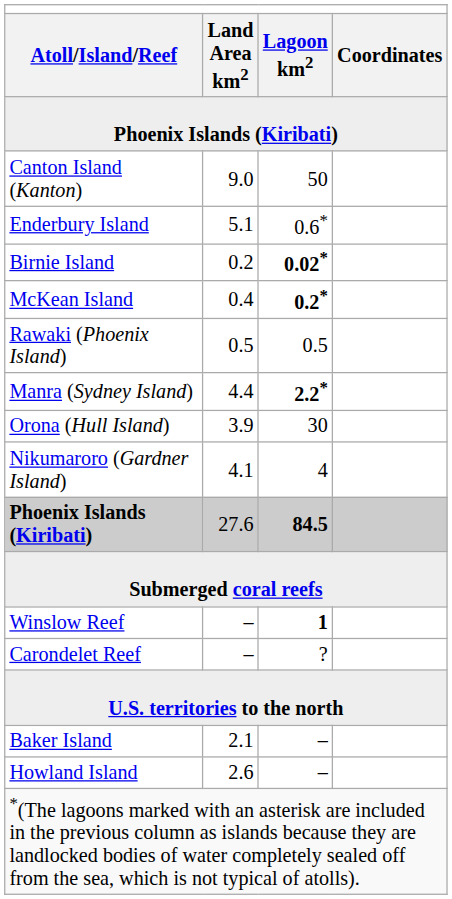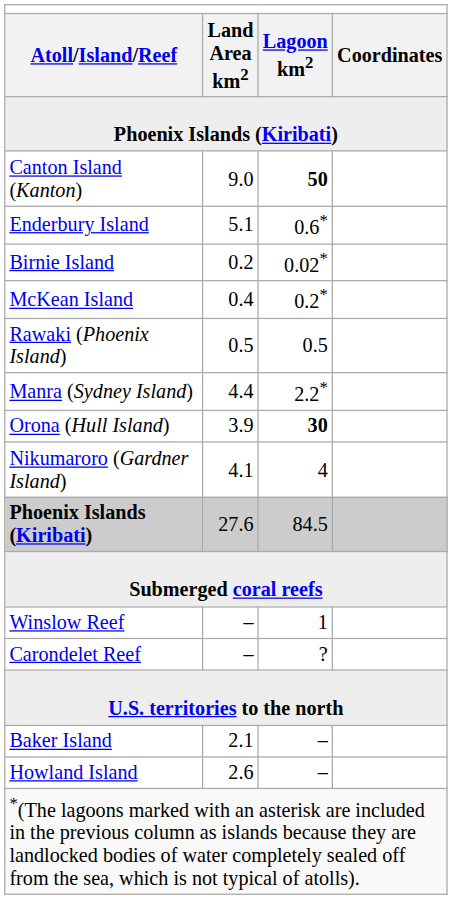 <table class="wikitable" style="margin:0.5em 0 0.5em 1em; float:right; clear:right; width:22em;">
 <tr>
 <th colspan="25" style="background:#fff; width:90%; vertical-align:top;"></th>
 </tr>
 <tr>
 <th><a href='#'>Atoll</a>/<a href='#'>Island</a>/<a href='#'>Reef</a></th>
 <th>Land<br>Area<br>km<sup>2</sup></th>
 <th><a href='#'>Lagoon</a><br>km<sup>2</sup></th>
 <th>Coordinates</th>
 </tr>
 <tr>
 <td colspan="5" style="background:#eee; text-align:center;"><br><strong>Phoenix Islands (<a href='#'>Kiribati</a>)</strong></td>
 </tr>
 <tr style="background: #FFF;">
 <td><a href='#'>Canton Island</a> (<em>Kanton</em>)</td>
 <td align="right">9.0</td>
-<td align="right">50</td>
+<td align="right"><strong>50</strong></td>
 <td></td>
 </tr>
 <tr style="background: #FFF;">
 <td><a href='#'>Enderbury Island</a></td>
 <td align="right">5.1</td>
 <td align="right">0.6<sup>*</sup></td>
 <td></td>
 </tr>
 <tr style="background: #FFF;">
 <td><a href='#'>Birnie Island</a></td>
 <td align="right">0.2</td>
-<td align="right"><strong>0.02<sup>*</sup></strong></td>
+<td align="right">0.02<sup>*</sup></td>
 <td></td>
 </tr>
 <tr style="background: #FFF;">
 <td><a href='#'>McKean Island</a></td>
 <td align="right">0.4</td>
-<td align="right"><strong>0.2<sup>*</sup></strong></td>
+<td align="right">0.2<sup>*</sup></td>
 <td></td>
 </tr>
 <tr style="background: #FFF;">
 <td><a href='#'>Rawaki</a> (<em>Phoenix Island</em>)</td>
 <td align="right">0.5</td>
 <td align="right">0.5</td>
 <td></td>
 </tr>
 <tr style="background: #FFF;">
 <td><a href='#'>Manra</a> (<em>Sydney Island</em>)</td>
 <td align="right">4.4</td>
-<td align="right"><strong>2.2<sup>*</sup></strong></td>
+<td align="right">2.2<sup>*</sup></td>
 <td></td>
 </tr>
 <tr style="background: #FFF;">
 <td><a href='#'>Orona</a> (<em>Hull Island</em>)</td>
 <td align="right">3.9</td>
-<td align="right">30</td>
+<td align="right"><strong>30</strong></td>
 <td></td>
 </tr>
 <tr style="background: #FFF;">
 <td><a href='#'>Nikumaroro</a> (<em>Gardner Island</em>)</td>
 <td align="right">4.1</td>
 <td align="right">4</td>
 <td></td>
 </tr>
 <tr style="background: #CCC;">
 <td><strong>Phoenix Islands (<a href='#'>Kiribati</a>)</strong></td>
 <td align="right">27.6</td>
-<td align="right"><strong>84.5</strong></td>
+<td align="right">84.5</td>
 <td></td>
 </tr>
 <tr>
 <td colspan="5" style="background:#eee; text-align:center;"><br><strong>Submerged <a href='#'>coral reefs</a></strong></td>
 </tr>
 <tr style="background: #FFF;">
 <td><a href='#'>Winslow Reef</a></td>
 <td align="right">–</td>
-<td align="right"><strong>1</strong></td>
+<td align="right">1</td>
 <td></td>
 </tr>
 <tr style="background: #FFF;">
 <td><a href='#'>Carondelet Reef</a></td>
 <td align="right">–</td>
 <td align="right">?</td>
 <td></td>
 </tr>
 <tr>
 <td colspan="5" style="background:#eee; text-align:center;"><br><strong><a href='#'>U.S. territories</a> to the north</strong></td>
 </tr>
 <tr style="background: #FFF;">
 <td><a href='#'>Baker Island</a></td>
 <td align="right">2.1</td>
 <td align="right">–</td>
 <td></td>
 </tr>
 <tr style="background: #FFF;">
 <td><a href='#'>Howland Island</a></td>
 <td align="right">2.6</td>
 <td align="right">–</td>
 <td></td>
 </tr>
 <tr>
 <td colspan="5" style="text-align:left;"><sup>*</sup>(The lagoons marked with an asterisk are included in the previous column as islands because they are landlocked bodies of water completely sealed off from the sea, which is not typical of atolls).</td>
 </tr>
 </table>
